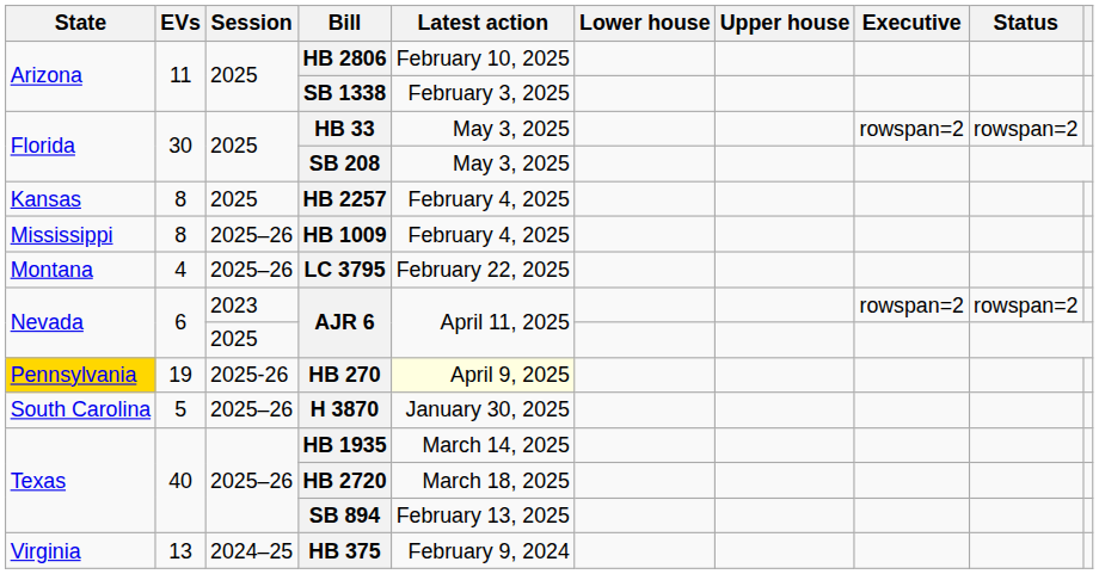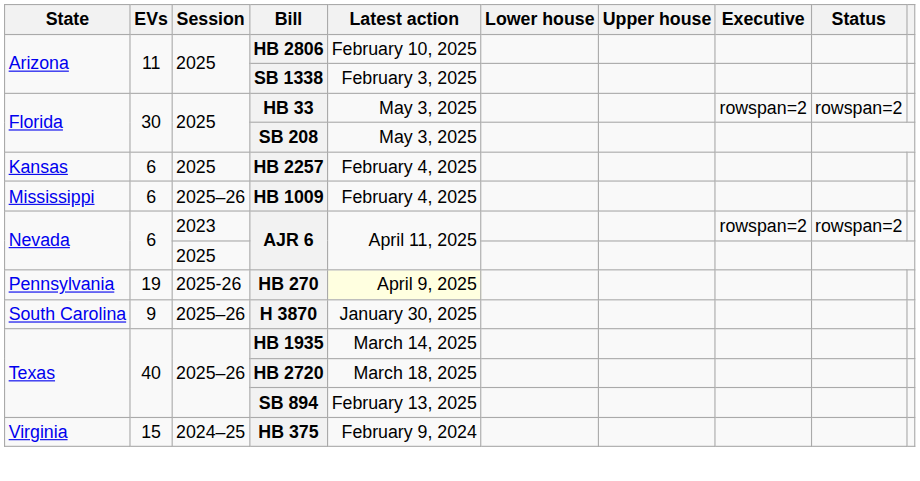 <table class="wikitable sortable plainrowheaders" style="line-height:1.2">
 <tr>
 <th scope="col">State</th>
 <th scope="col">EVs</th>
 <th scope="col">Session</th>
 <th scope="col" class="unsortable">Bill</th>
 <th scope="col" data-sort-type="date">Latest action</th>
 <th scope="col" class="unsortable">Lower house</th>
 <th scope="col" class="unsortable">Upper house</th>
 <th scope="col" class="unsortable">Executive</th>
 <th scope="col">Status</th>
 <th scope="col" class="unsortable"></th>
 </tr>
 <tr>
 <td rowspan=2><a href='#'>Arizona</a></td>
 <td rowspan=2 align="center">11</td>
 <td rowspan=2>2025</td>
 <th scope="row">HB 2806</th>
 <td align=right>February 10, 2025</td>
 <td></td>
 <td></td>
 <td></td>
 <td></td>
 <td align=center></td>
 </tr>
 <tr>
 <th scope="row">SB 1338</th>
 <td align=right>February 3, 2025</td>
 <td></td>
 <td></td>
 <td></td>
 <td></td>
 <td align=center></td>
 </tr>
 <tr>
 <td rowspan=2><a href='#'>Florida</a></td>
 <td rowspan=2 align="center">30</td>
 <td rowspan=2>2025</td>
 <th scope="row">HB 33</th>
 <td align=right>May 3, 2025</td>
 <td></td>
 <td></td>
 <td>rowspan=2 </td>
 <td>rowspan=2 </td>
 <td align=center></td>
 </tr>
 <tr>
 <th scope="row">SB 208</th>
 <td align=right>May 3, 2025</td>
 <td></td>
 <td></td>
 <td align=center></td>
 </tr>
 <tr>
 <td><a href='#'>Kansas</a></td>
-<td align="center">8</td>
+<td align="center">6</td>
 <td>2025</td>
 <th scope="row">HB 2257</th>
 <td align=right>February 4, 2025</td>
 <td></td>
 <td></td>
 <td></td>
 <td></td>
 <td align=center></td>
 </tr>
 <tr>
 <td><a href='#'>Mississippi</a></td>
-<td align=center>8</td>
+<td align=center>6</td>
 <td>2025–26</td>
 <th scope="row">HB 1009</th>
 <td align=right>February 4, 2025</td>
-<td></td>
-<td></td>
-<td></td>
-<td></td>
-<td align=center></td>
-</tr>
-<tr>
-<td><a href='#'>Montana</a></td>
-<td align=center>4</td>
-<td>2025–26</td>
-<th scope="row">LC 3795</th>
-<td align=right>February 22, 2025</td>
 <td></td>
 <td></td>
 <td></td>
 <td></td>
 <td align=center></td>
 </tr>
 <tr>
 <td rowspan=2><a href='#'>Nevada</a></td>
 <td rowspan=2 align=center>6</td>
 <td>2023</td>
 <th scope="row" rowspan=2>AJR 6</th>
 <td rowspan=2 align=right>April 11, 2025</td>
 <td></td>
 <td></td>
 <td>rowspan=2 </td>
 <td>rowspan=2 </td>
 <td align=center></td>
 </tr>
 <tr>
 <td>2025</td>
 <td></td>
 <td></td>
 <td align=center></td>
 </tr>
 <tr>
-<td style="background: gold;"><a href='#'>Pennsylvania</a></td>
+<td><a href='#'>Pennsylvania</a></td>
 <td align="center">19</td>
 <td>2025-26</td>
 <th scope="row">HB 270</th>
 <td align=right style="background: lightyellow;">April 9, 2025</td>
 <td></td>
 <td></td>
 <td></td>
 <td></td>
 <td align=center></td>
 </tr>
 <tr>
 <td><a href='#'>South Carolina</a></td>
-<td align=center>5</td>
+<td align=center>9</td>
 <td>2025–26</td>
 <th scope="row">H 3870</th>
 <td align=right>January 30, 2025</td>
 <td></td>
 <td></td>
 <td></td>
 <td></td>
 <td align=center></td>
 </tr>
 <tr>
 <td rowspan=3><a href='#'>Texas</a></td>
 <td rowspan=3 align=center>40</td>
 <td rowspan=3>2025–26</td>
 <th scope="row">HB 1935</th>
 <td align=right>March 14, 2025</td>
 <td></td>
 <td></td>
 <td></td>
 <td></td>
 <td align=center></td>
 </tr>
 <tr>
 <th scope="row">HB 2720</th>
 <td align=right>March 18, 2025</td>
 <td></td>
 <td></td>
 <td></td>
 <td></td>
 <td align=center></td>
 </tr>
 <tr>
 <th scope="row">SB 894</th>
 <td align=right>February 13, 2025</td>
 <td></td>
 <td></td>
 <td></td>
 <td></td>
 <td align=center></td>
 </tr>
 <tr>
 <td><a href='#'>Virginia</a></td>
-<td align=center>13</td>
+<td align=center>15</td>
 <td>2024–25</td>
 <th scope="row">HB 375</th>
 <td align=right>February 9, 2024</td>
 <td></td>
 <td></td>
 <td></td>
 <td></td>
 <td align=center></td>
 </tr>
 </table>
